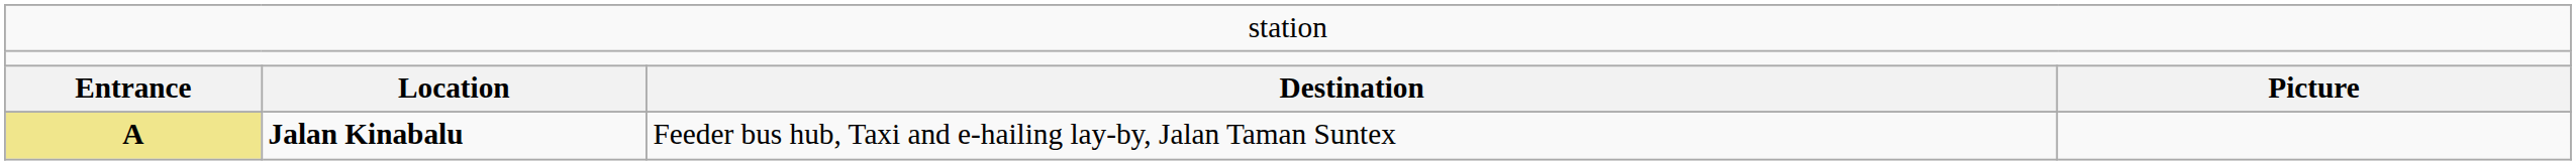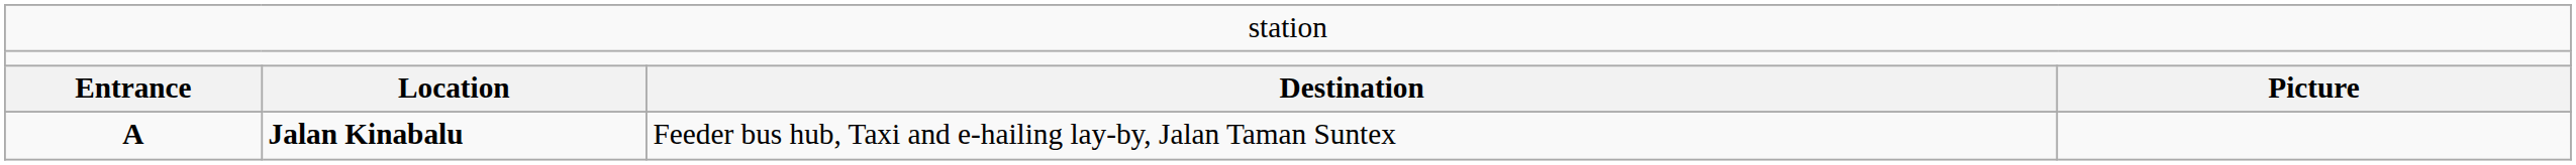 <table class="wikitable" style="width:70%">
 <tr>
 <td colspan="4" align="center"> station</td>
 </tr>
 <tr>
 <td colspan="4"></td>
 </tr>
 <tr>
 <th style="width:10%">Entrance</th>
 <th style="width:15%">Location</th>
 <th style="width:55%">Destination</th>
 <th style="width:20%">Picture</th>
 </tr>
 <tr>
-<td align="center" style="background: khaki;"><strong><span>A</span></strong></td>
+<td align="center"><strong><span>A</span></strong></td>
 <td><strong>Jalan Kinabalu</strong></td>
 <td>Feeder bus hub, Taxi and e-hailing lay-by, Jalan Taman Suntex</td>
 <td></td>
 </tr>
 </table>
